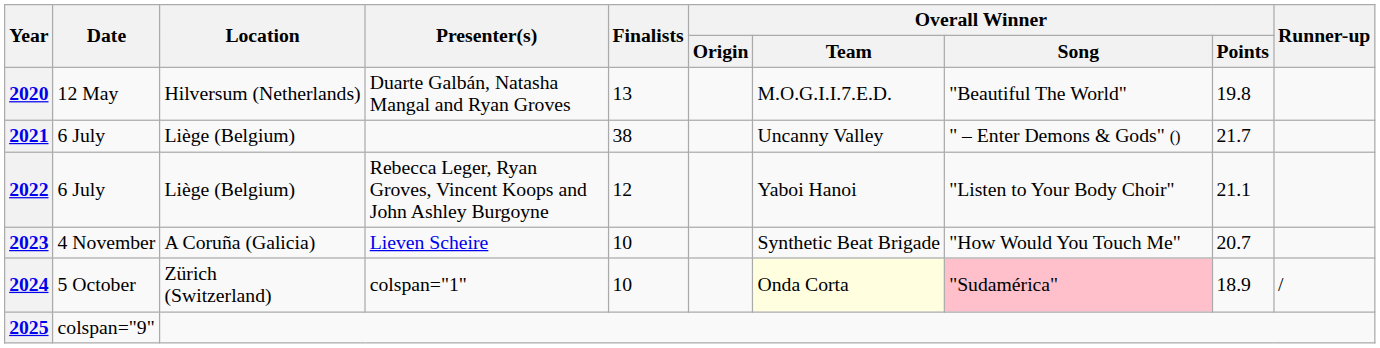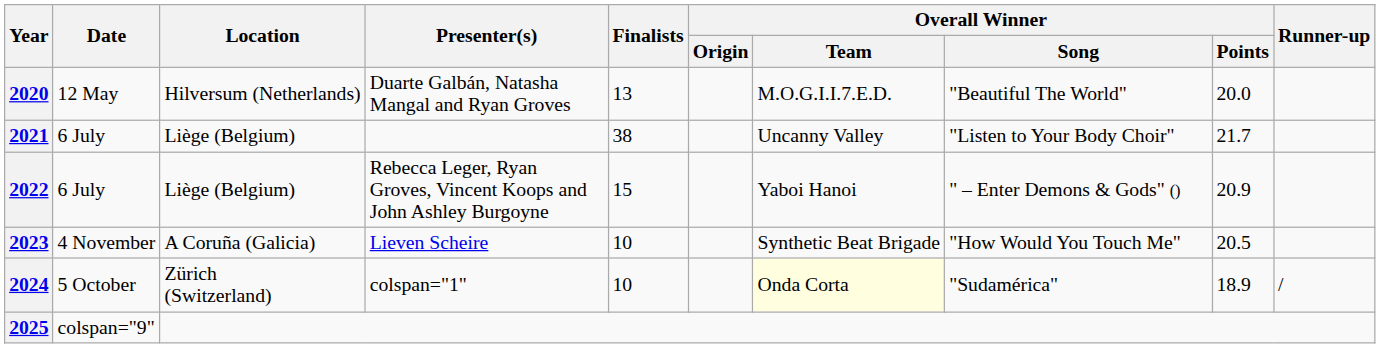 <table class="wikitable sortable plainrowheaders">
 <tr>
 <th scope="col" rowspan="2">Year</th>
 <th scope="col" rowspan="2">Date</th>
 <th scope="col" rowspan="2">Location</th>
 <th scope="col" rowspan="2" width="190px">Presenter(s)</th>
 <th scope="col" rowspan="2">Finalists</th>
 <th scope="col" colspan="4">Overall Winner</th>
 <th scope="col" rowspan="2">Runner-up</th>
 </tr>
 <tr>
 <th scope="col">Origin</th>
 <th scope="col">Team</th>
 <th scope="col" width="210px">Song</th>
 <th scope="col">Points</th>
 </tr>
 <tr>
 <th scope="row" style="text-align:center;"><a href='#'>2020</a></th>
 <td>12 May</td>
 <td>Hilversum (Netherlands)</td>
 <td>Duarte Galbán, Natasha Mangal and Ryan Groves</td>
 <td>13</td>
 <td></td>
 <td>M.O.G.I.I.7.E.D.</td>
 <td>"Beautiful The World"</td>
-<td>19.8</td>
+<td>20.0</td>
 <td></td>
 </tr>
 <tr>
 <th scope="row" style="text-align:center;"><a href='#'>2021</a></th>
 <td>6 July</td>
 <td>Liège (Belgium)</td>
 <td></td>
 <td>38</td>
 <td></td>
 <td>Uncanny Valley</td>
-<td>" – Enter Demons & Gods" <small>()</small></td>
+<td>"Listen to Your Body Choir"</td>
 <td>21.7</td>
 <td></td>
 </tr>
 <tr>
 <th scope="row" style="text-align:center;"><a href='#'>2022</a></th>
 <td>6 July</td>
 <td>Liège (Belgium)</td>
 <td>Rebecca Leger, Ryan Groves, Vincent Koops and John Ashley Burgoyne</td>
-<td>12</td>
+<td>15</td>
 <td></td>
 <td>Yaboi Hanoi</td>
-<td>"Listen to Your Body Choir"</td>
-<td>21.1</td>
+<td>" – Enter Demons & Gods" <small>()</small></td>
+<td>20.9</td>
 <td></td>
 </tr>
 <tr>
 <th scope="row" style="text-align:center;"><a href='#'>2023</a></th>
 <td>4 November</td>
 <td>A Coruña (Galicia)</td>
 <td><a href='#'>Lieven Scheire</a></td>
 <td>10</td>
 <td></td>
 <td>Synthetic Beat Brigade</td>
 <td>"How Would You Touch Me"</td>
-<td>20.7</td>
+<td>20.5</td>
 <td></td>
 </tr>
 <tr>
 <th scope="row" style="text-align:center;"><a href='#'>2024</a></th>
 <td>5 October</td>
 <td>Zürich<br> (Switzerland)</td>
 <td>colspan="1" </td>
 <td>10</td>
 <td></td>
 <td style="background: lightyellow;">Onda Corta</td>
-<td style="background: pink;">"Sudamérica"</td>
+<td>"Sudamérica"</td>
 <td>18.9</td>
 <td>/</td>
 </tr>
 <tr>
 <th scope="row" style="text-align:center;"><a href='#'>2025</a></th>
 <td>colspan="9" </td>
 </tr>
 </table>
